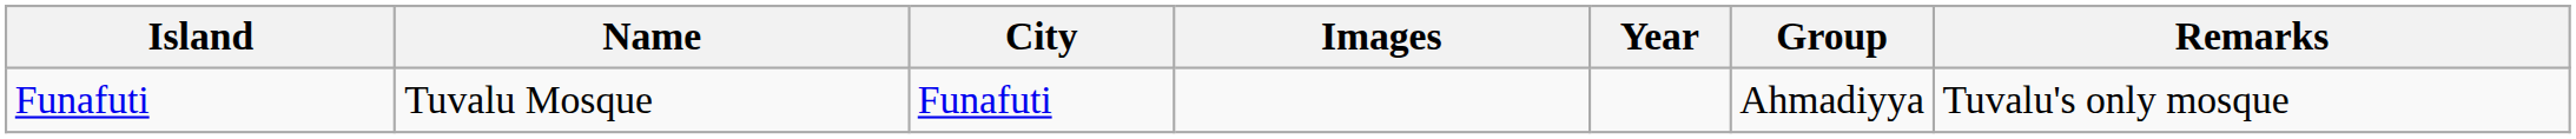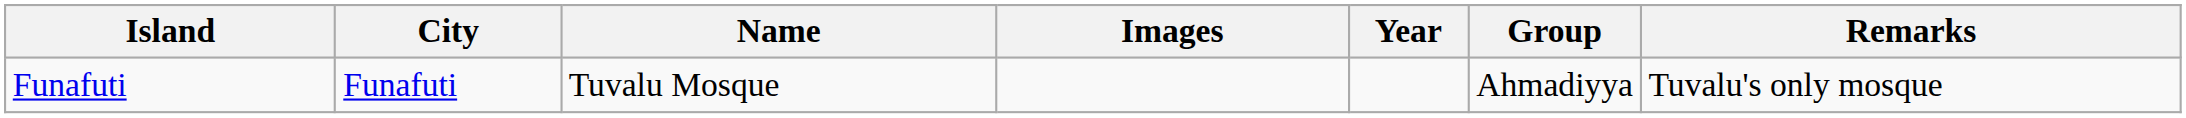 <table class="wikitable sortable">
 <tr>
 <th align=left width=150px>Island</th>
+<th align=left width=100px>City</th>
 <th align=left width=200px>Name</th>
-<th align=left width=100px>City</th>
 <th align=center width=160px class=unsortable>Images</th>
 <th align=left width=050px>Year</th>
 <th align=center width=050px>Group</th>
 <th align=left width=250px class=unsortable>Remarks</th>
 </tr>
 <tr valign=top>
 <td><a href='#'>Funafuti</a></td>
+<td><a href='#'>Funafuti</a></td>
 <td>Tuvalu Mosque</td>
-<td><a href='#'>Funafuti</a></td>
 <td></td>
 <td></td>
 <td>Ahmadiyya</td>
 <td>Tuvalu's only mosque</td>
 </tr>
 </table>
